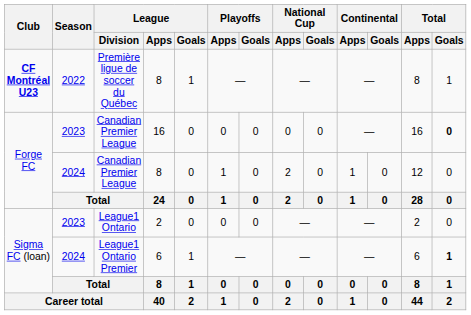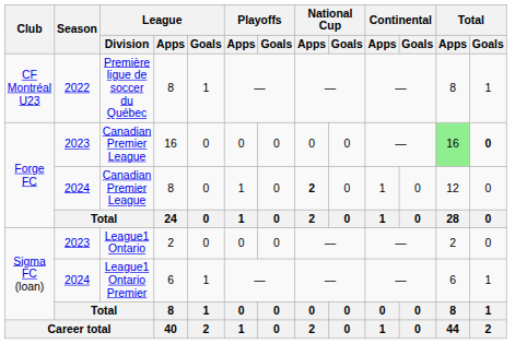 <table class="wikitable" style="text-align: center">
 <tr>
 <th rowspan="2">Club</th>
 <th rowspan="2">Season</th>
 <th colspan="3">League</th>
 <th colspan="2">Playoffs</th>
 <th colspan="2">National Cup</th>
 <th colspan="2">Continental</th>
 <th colspan="2">Total</th>
 </tr>
 <tr>
 <th>Division</th>
 <th>Apps</th>
 <th>Goals</th>
 <th>Apps</th>
 <th>Goals</th>
 <th>Apps</th>
 <th>Goals</th>
 <th>Apps</th>
 <th>Goals</th>
 <th>Apps</th>
 <th>Goals</th>
 </tr>
 <tr>
-<td><strong><a href='#'>CF Montréal U23</a></strong></td>
+<td><a href='#'>CF Montréal U23</a></td>
 <td><a href='#'>2022</a></td>
 <td><a href='#'>Première ligue de soccer du Québec</a></td>
 <td>8</td>
 <td>1</td>
 <td colspan=2>—</td>
 <td colspan=2>—</td>
 <td colspan=2>—</td>
 <td>8</td>
 <td>1</td>
 </tr>
 <tr>
 <td rowspan="3"><a href='#'>Forge FC</a></td>
 <td><a href='#'>2023</a></td>
 <td><a href='#'>Canadian Premier League</a></td>
 <td>16</td>
 <td>0</td>
 <td>0</td>
 <td>0</td>
 <td>0</td>
 <td>0</td>
 <td colspan="2">—</td>
-<td>16</td>
+<td style="background: lightgreen;">16</td>
 <td><strong>0</strong></td>
 </tr>
 <tr>
 <td><a href='#'>2024</a></td>
 <td><a href='#'>Canadian Premier League</a></td>
 <td>8</td>
 <td>0</td>
 <td>1</td>
 <td>0</td>
-<td>2</td>
+<td><strong>2</strong></td>
 <td>0</td>
 <td>1</td>
 <td>0</td>
 <td>12</td>
 <td>0</td>
 </tr>
 <tr>
 <th colspan="2"><strong>Total</strong></th>
 <th>24</th>
 <th>0</th>
 <th>1</th>
 <th>0</th>
 <th>2</th>
 <th>0</th>
 <th>1</th>
 <th>0</th>
 <th>28</th>
 <th>0</th>
 </tr>
 <tr>
 <td rowspan="3"><a href='#'>Sigma FC</a> (loan)</td>
 <td><a href='#'>2023</a></td>
 <td><a href='#'>League1 Ontario</a></td>
 <td>2</td>
 <td>0</td>
 <td>0</td>
 <td>0</td>
 <td colspan="2">—</td>
 <td colspan="2">—</td>
 <td>2</td>
 <td>0</td>
 </tr>
 <tr>
 <td><a href='#'>2024</a></td>
 <td><a href='#'>League1 Ontario Premier</a></td>
 <td>6</td>
 <td>1</td>
 <td colspan="2">—</td>
 <td colspan="2">—</td>
 <td colspan="2">—</td>
 <td>6</td>
-<td><strong>1</strong></td>
+<td>1</td>
 </tr>
 <tr>
 <th colspan="2"><strong>Total</strong></th>
 <th>8</th>
 <th>1</th>
 <th>0</th>
 <th>0</th>
 <th>0</th>
 <th>0</th>
 <th>0</th>
 <th>0</th>
 <th>8</th>
 <th>1</th>
 </tr>
 <tr>
 <th colspan="3"><strong>Career total</strong></th>
 <th>40</th>
 <th>2</th>
 <th>1</th>
 <th>0</th>
 <th>2</th>
 <th>0</th>
 <th>1</th>
 <th>0</th>
 <th>44</th>
 <th>2</th>
 </tr>
 </table>
